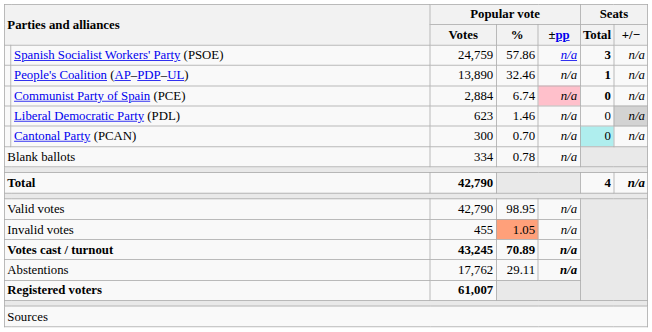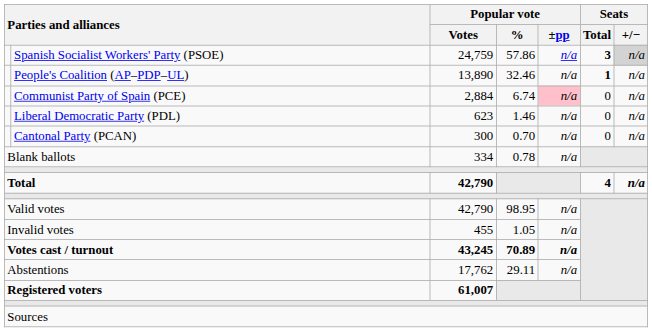 <table class="wikitable" style="text-align:right;">
 <tr>
 <th style="text-align:left;" rowspan="2" colspan="2" width="525">Parties and alliances</th>
 <th colspan="3">Popular vote</th>
 <th colspan="2">Seats</th>
 </tr>
 <tr>
 <th width="75">Votes</th>
 <th width="45">%</th>
 <th width="45">±<a href='#'>pp</a></th>
 <th width="35">Total</th>
 <th width="35">+/−</th>
 </tr>
 <tr>
 <td width="1" style="color:inherit;background:"></td>
 <td align="left"><a href='#'>Spanish Socialist Workers' Party</a> (PSOE)</td>
 <td>24,759</td>
 <td>57.86</td>
 <td><em><a href='#'>n/a</a></em></td>
 <td><strong>3</strong></td>
-<td><em>n/a</em></td>
+<td style="background: lightgrey;"><em>n/a</em></td>
 </tr>
 <tr>
 <td style="color:inherit;background:"></td>
 <td align="left"><a href='#'>People's Coalition</a> (<a href='#'>AP</a>–<a href='#'>PDP</a>–<a href='#'>UL</a>)</td>
 <td>13,890</td>
 <td>32.46</td>
 <td><em>n/a</em></td>
 <td><strong>1</strong></td>
 <td><em>n/a</em></td>
 </tr>
 <tr>
 <td style="color:inherit;background:"></td>
 <td align="left"><a href='#'>Communist Party of Spain</a> (PCE)</td>
 <td>2,884</td>
 <td>6.74</td>
 <td style="background: pink;"><em>n/a</em></td>
-<td><strong>0</strong></td>
+<td>0</td>
 <td><em>n/a</em></td>
 </tr>
 <tr>
 <td style="color:inherit;background:"></td>
 <td align="left"><a href='#'>Liberal Democratic Party</a> (PDL)</td>
 <td>623</td>
 <td>1.46</td>
 <td><em>n/a</em></td>
 <td>0</td>
-<td style="background: lightgrey;"><em>n/a</em></td>
+<td><em>n/a</em></td>
 </tr>
 <tr>
 <td style="color:inherit;background:"></td>
 <td align="left"><a href='#'>Cantonal Party</a> (PCAN)</td>
 <td>300</td>
 <td>0.70</td>
 <td><em>n/a</em></td>
-<td style="background: paleturquoise;">0</td>
+<td>0</td>
 <td><em>n/a</em></td>
 </tr>
 <tr>
 <td align="left" colspan="2">Blank ballots</td>
 <td>334</td>
 <td>0.78</td>
 <td><em>n/a</em></td>
 <td bgcolor="#E9E9E9" colspan="2"></td>
 </tr>
 <tr>
 <td colspan="7" bgcolor="#E9E9E9"></td>
 </tr>
 <tr style="font-weight:bold;">
 <td align="left" colspan="2">Total</td>
 <td>42,790</td>
 <td bgcolor="#E9E9E9" colspan="2"></td>
 <td>4</td>
 <td><em>n/a</em></td>
 </tr>
 <tr>
 <td colspan="7" bgcolor="#E9E9E9"></td>
 </tr>
 <tr>
 <td align="left" colspan="2">Valid votes</td>
 <td>42,790</td>
 <td>98.95</td>
 <td><em>n/a</em></td>
 <td bgcolor="#E9E9E9" colspan="2" rowspan="5"></td>
 </tr>
 <tr>
 <td align="left" colspan="2">Invalid votes</td>
 <td>455</td>
-<td style="background: lightsalmon;">1.05</td>
+<td>1.05</td>
 <td><em>n/a</em></td>
 </tr>
 <tr style="font-weight:bold;">
 <td align="left" colspan="2">Votes cast / turnout</td>
 <td>43,245</td>
 <td>70.89</td>
 <td><em>n/a</em></td>
 </tr>
 <tr>
 <td align="left" colspan="2">Abstentions</td>
 <td>17,762</td>
 <td>29.11</td>
-<td><strong><em>n/a</em></strong></td>
+<td><em>n/a</em></td>
 </tr>
 <tr style="font-weight:bold;">
 <td align="left" colspan="2">Registered voters</td>
 <td>61,007</td>
 <td bgcolor="#E9E9E9" colspan="2"></td>
 </tr>
 <tr>
 <td colspan="7" bgcolor="#E9E9E9"></td>
 </tr>
 <tr>
 <td align="left" colspan="7">Sources</td>
 </tr>
 </table>
